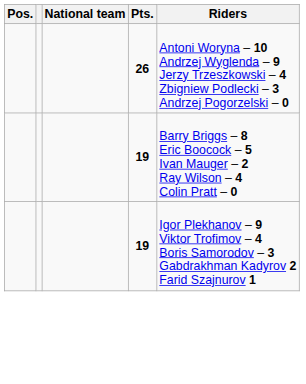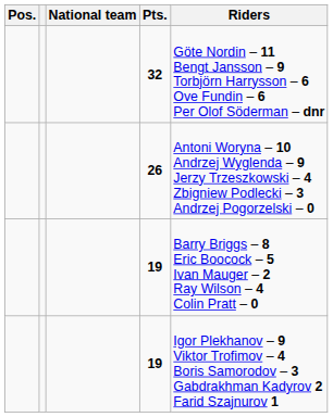 <table class=wikitable style="font-size:100%;">
 <tr>
 <th>Pos.</th>
 <th></th>
 <th>National team</th>
 <th>Pts.</th>
 <th>Riders</th>
+</tr>
+<tr align=center >
+<td></td>
+<td></td>
+<td style="text-align:left"></td>
+<td><strong>32</strong></td>
+<td style="text-align:left"><br><a href='#'>Göte Nordin</a> – <strong>11</strong><br> <a href='#'>Bengt Jansson</a> – <strong>9</strong><br> <a href='#'>Torbjörn Harrysson</a> – <strong>6</strong><br> <a href='#'>Ove Fundin</a> – <strong>6</strong><br> <a href='#'>Per Olof Söderman</a> – <strong>dnr</strong></td>
 </tr>
 <tr align=center >
 <td></td>
 <td></td>
 <td style="text-align:left"></td>
 <td><strong>26</strong></td>
 <td style="text-align:left"><br><a href='#'>Antoni Woryna</a> – <strong>10</strong><br> <a href='#'>Andrzej Wyglenda</a> – <strong>9</strong><br> <a href='#'>Jerzy Trzeszkowski</a> – <strong>4</strong><br> <a href='#'>Zbigniew Podlecki</a> – <strong>3</strong><br> <a href='#'>Andrzej Pogorzelski</a> – <strong>0</strong></td>
 </tr>
 <tr align=center >
 <td></td>
 <td></td>
 <td style="text-align:left"></td>
 <td><strong>19</strong></td>
 <td style="text-align:left"><br><a href='#'>Barry Briggs</a> – <strong>8</strong><br> <a href='#'>Eric Boocock</a> – <strong>5</strong><br> <a href='#'>Ivan Mauger</a> – <strong>2</strong><br> <a href='#'>Ray Wilson</a> – <strong>4</strong><br> <a href='#'>Colin Pratt</a> – <strong>0</strong></td>
 </tr>
 <tr align=center >
 <td></td>
 <td></td>
 <td style="text-align:left"></td>
 <td><strong>19</strong></td>
 <td style="text-align:left"><br><a href='#'>Igor Plekhanov</a> – <strong>9</strong><br> <a href='#'>Viktor Trofimov</a> – <strong>4</strong><br> <a href='#'>Boris Samorodov</a> – <strong>3</strong><br> <a href='#'>Gabdrakhman Kadyrov</a> <strong>2</strong><br> <a href='#'>Farid Szajnurov</a> <strong>1</strong></td>
 </tr>
 </table>
